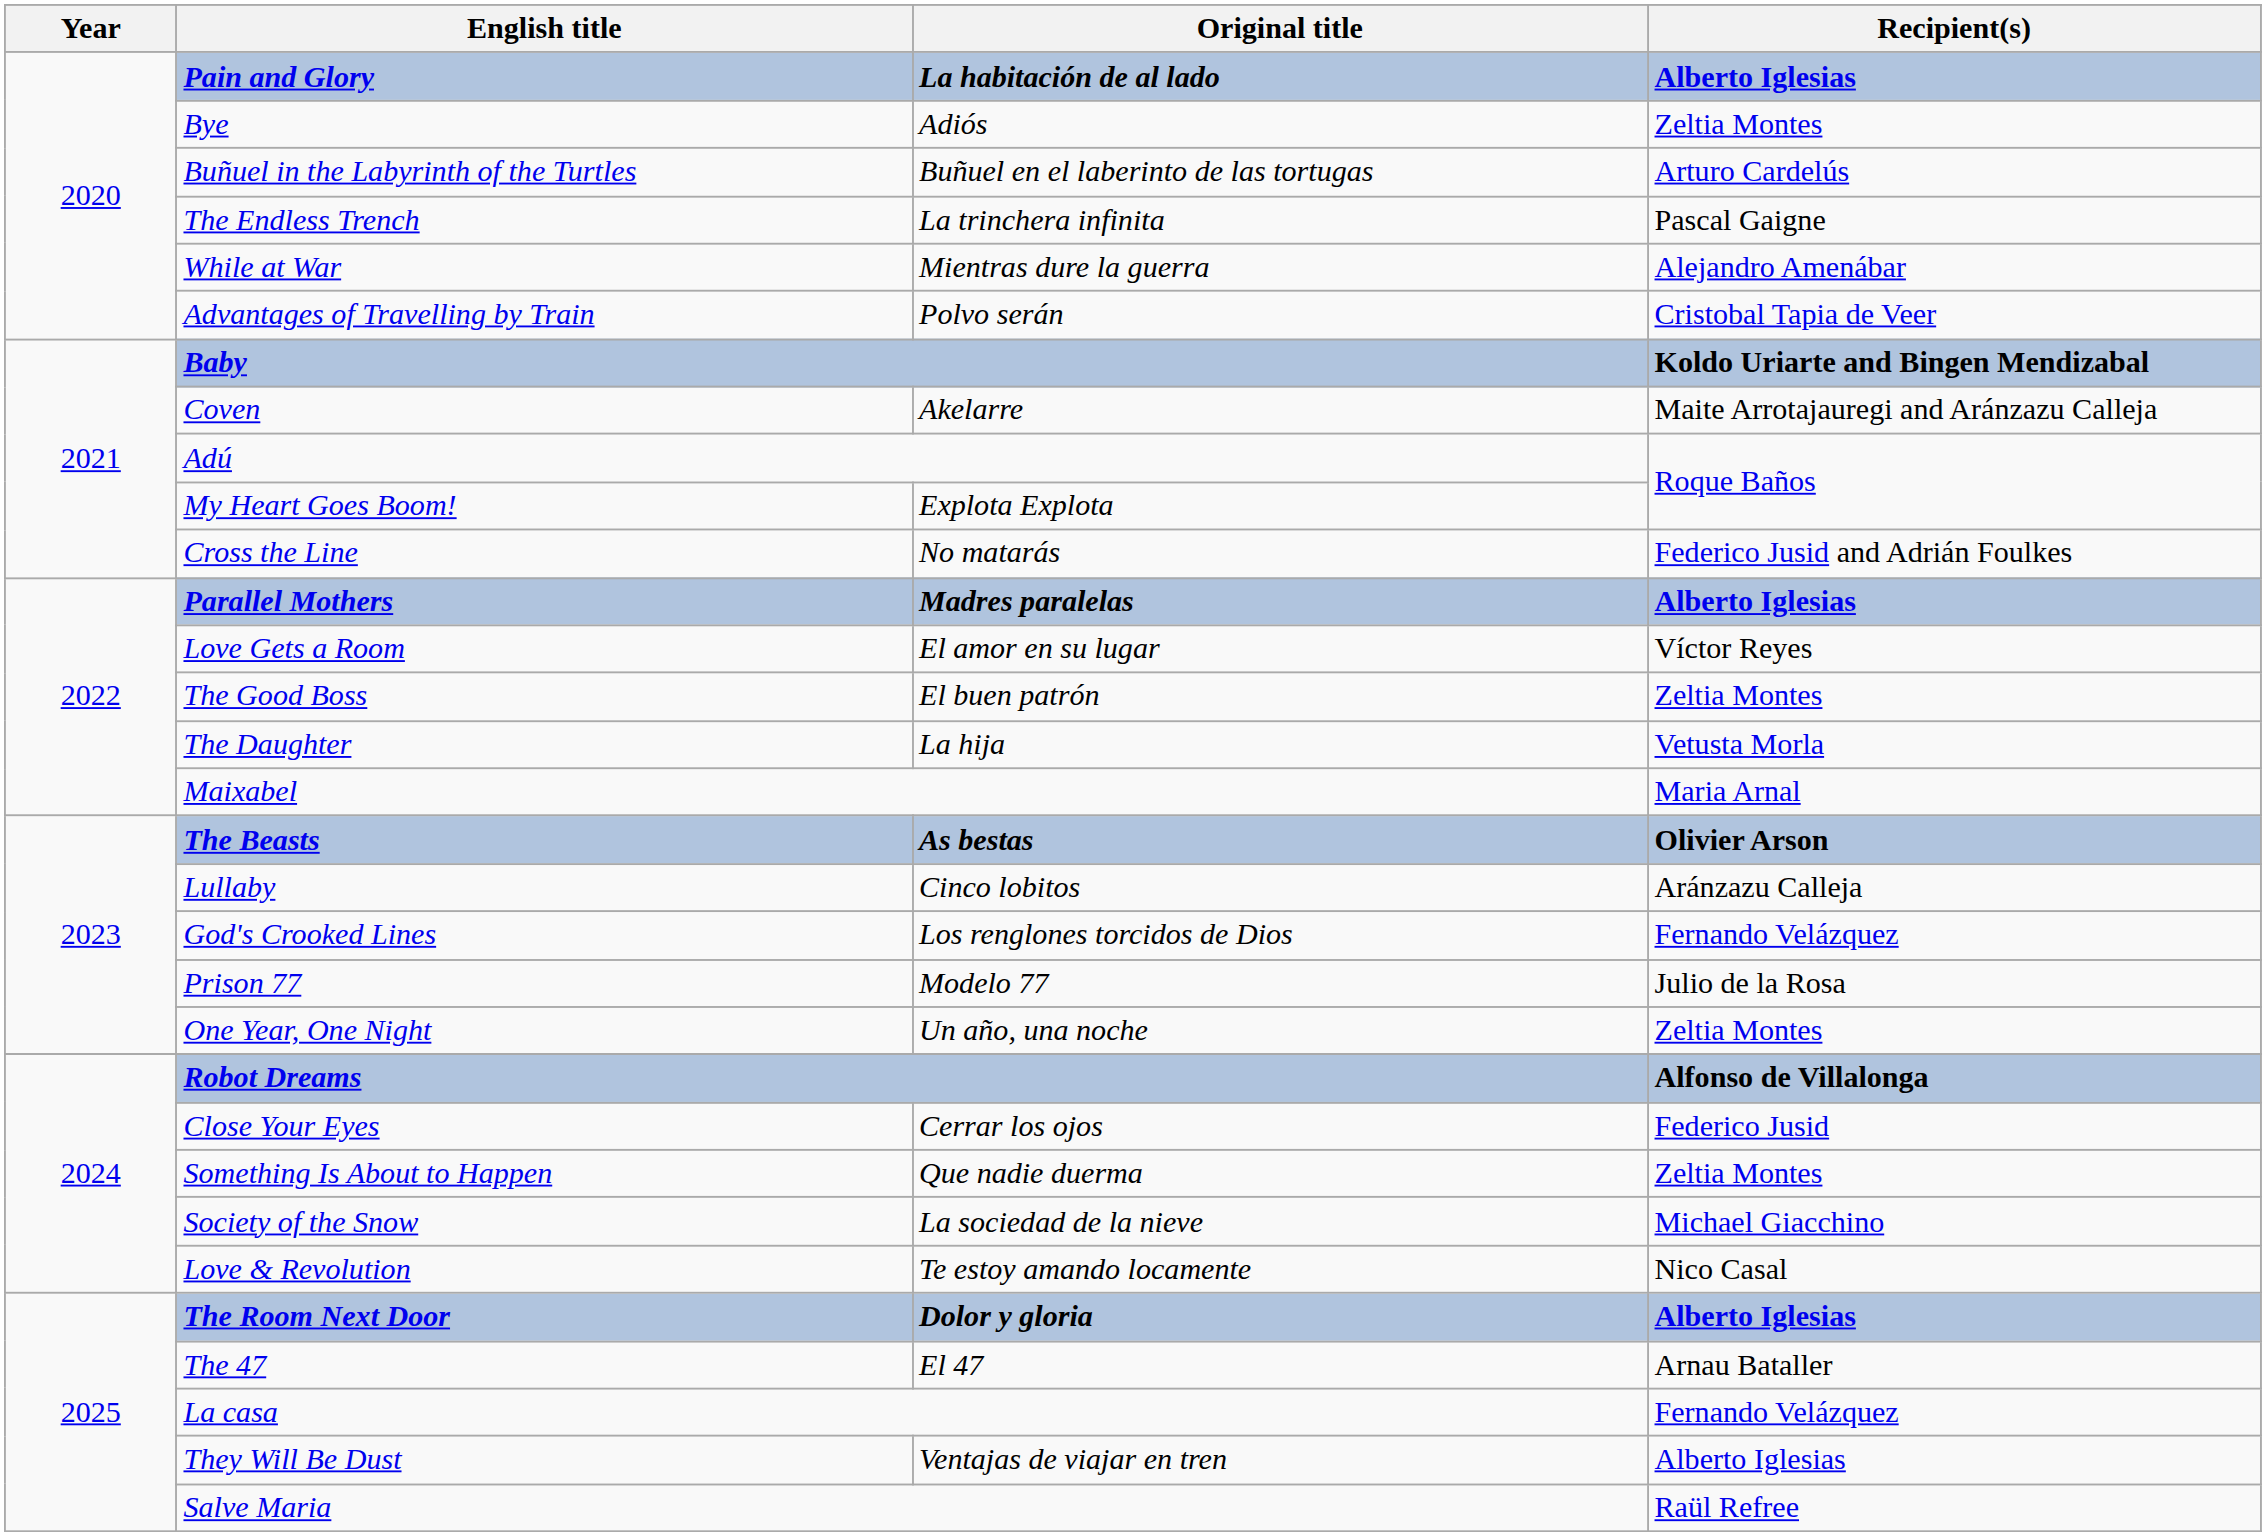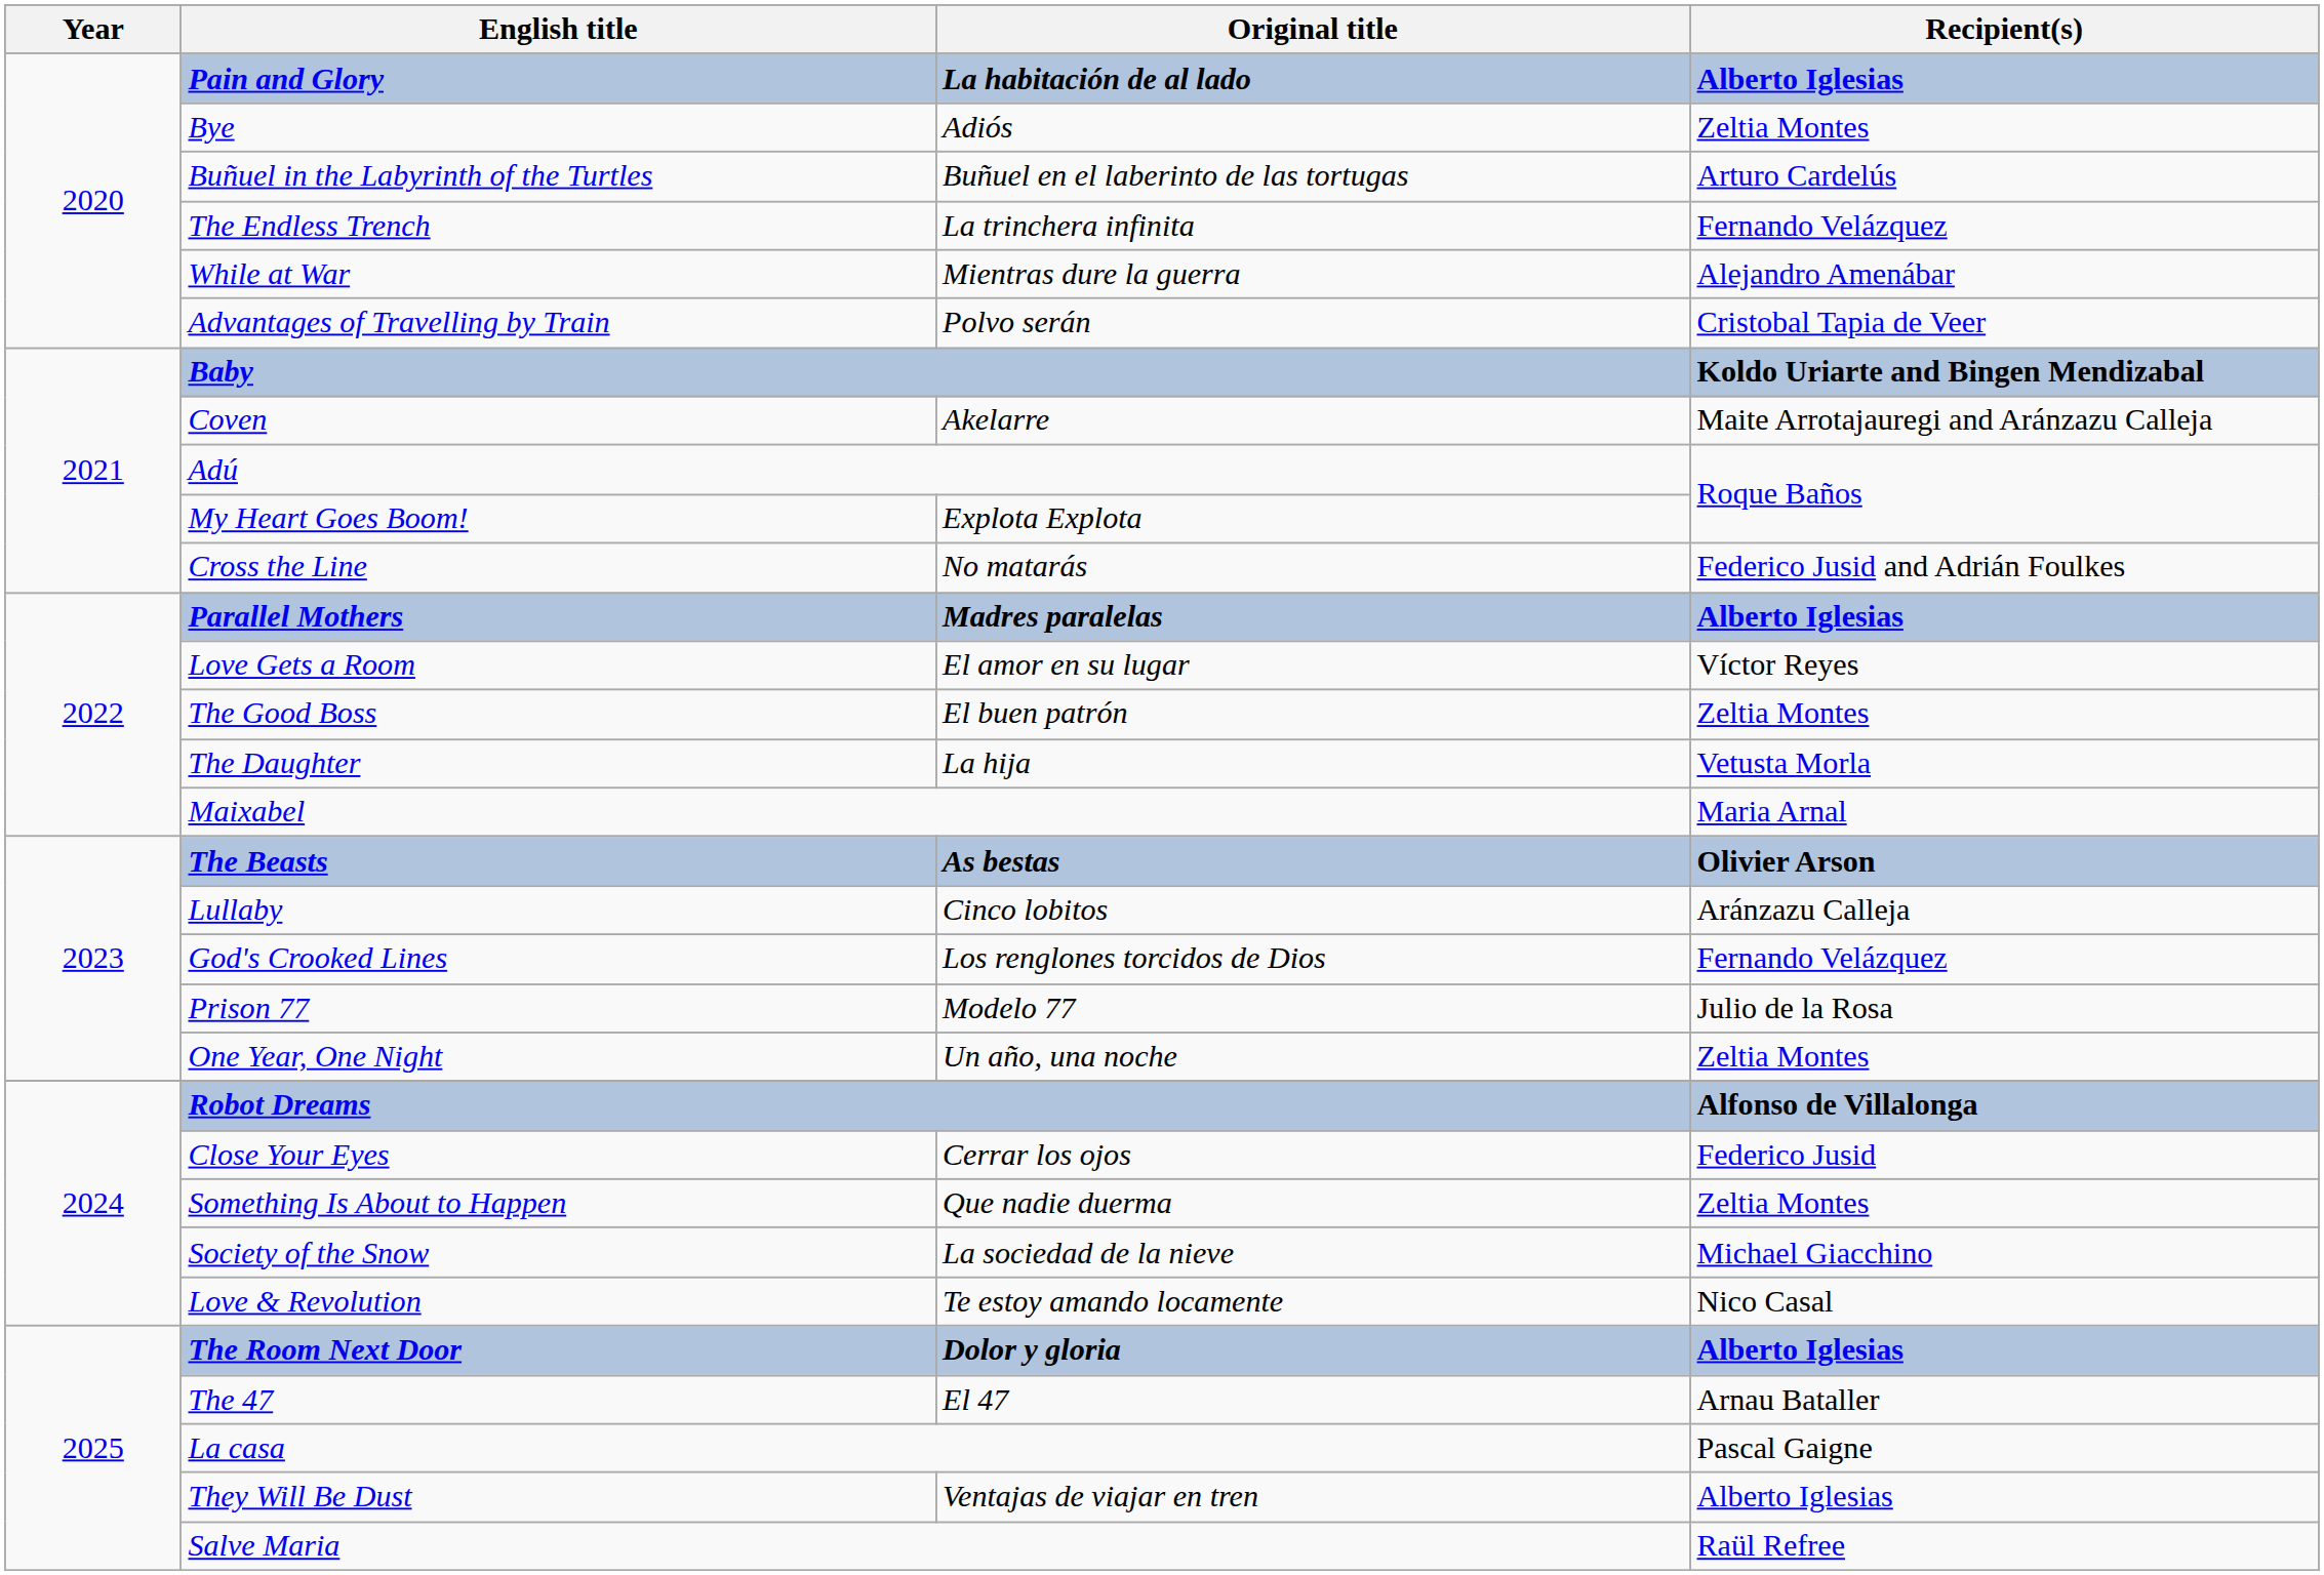 <table class="wikitable" width="95%" cellpadding="5">
 <tr>
 <th width="7%">Year</th>
 <th width="30%">English title</th>
 <th width="30%">Original title</th>
 <th width="25%">Recipient(s)</th>
 </tr>
 <tr>
 <td rowspan=6 style="text-align:center"><a href='#'>2020</a><br></td>
 <td style="background:#B0C4DE;"><strong><em><a href='#'>Pain and Glory</a></em></strong></td>
 <td style="background:#B0C4DE;"><strong><em>La habitación de al lado</em></strong></td>
 <td style="background:#B0C4DE;"><strong><a href='#'>Alberto Iglesias</a></strong></td>
 </tr>
 <tr>
 <td><em><a href='#'>Bye</a></em></td>
 <td><em>Adiós</em></td>
 <td><a href='#'>Zeltia Montes</a></td>
 </tr>
 <tr>
 <td><em><a href='#'>Buñuel in the Labyrinth of the Turtles</a></em></td>
 <td><em>Buñuel en el laberinto de las tortugas</em></td>
 <td><a href='#'>Arturo Cardelús</a></td>
 </tr>
 <tr>
 <td><em><a href='#'>The Endless Trench</a></em></td>
 <td><em>La trinchera infinita</em></td>
-<td>Pascal Gaigne</td>
+<td><a href='#'>Fernando Velázquez</a></td>
 </tr>
 <tr>
 <td><em><a href='#'>While at War</a></em></td>
 <td><em>Mientras dure la guerra</em></td>
 <td><a href='#'>Alejandro Amenábar</a></td>
 </tr>
 <tr>
 <td><em><a href='#'>Advantages of Travelling by Train</a></em></td>
 <td><em>Polvo serán</em></td>
 <td><a href='#'>Cristobal Tapia de Veer</a></td>
 </tr>
 <tr>
 <td rowspan=5 style="text-align:center"><a href='#'>2021</a><br></td>
 <td colspan="2" style="background:#B0C4DE;"><strong><em><a href='#'>Baby</a></em></strong></td>
 <td style="background:#B0C4DE;"><strong>Koldo Uriarte and Bingen Mendizabal</strong></td>
 </tr>
 <tr>
 <td><em><a href='#'>Coven</a></em></td>
 <td><em>Akelarre</em></td>
 <td>Maite Arrotajauregi and Aránzazu Calleja</td>
 </tr>
 <tr>
 <td colspan="2"><em><a href='#'>Adú</a></em></td>
 <td rowspan="2"><a href='#'>Roque Baños</a></td>
 </tr>
 <tr>
 <td><em><a href='#'>My Heart Goes Boom!</a></em></td>
 <td><em>Explota Explota</em></td>
 </tr>
 <tr>
 <td><em><a href='#'>Cross the Line</a></em></td>
 <td><em>No matarás</em></td>
 <td><a href='#'>Federico Jusid</a> and Adrián Foulkes</td>
 </tr>
 <tr>
 <td rowspan=5 style="text-align:center"><a href='#'>2022</a><br></td>
 <td style="background:#B0C4DE;"><strong><em><a href='#'>Parallel Mothers</a></em></strong></td>
 <td style="background:#B0C4DE;"><strong><em>Madres paralelas</em></strong></td>
 <td style="background:#B0C4DE;"><strong><a href='#'>Alberto Iglesias</a></strong></td>
 </tr>
 <tr>
 <td><em><a href='#'>Love Gets a Room</a></em></td>
 <td><em>El amor en su lugar</em></td>
 <td>Víctor Reyes</td>
 </tr>
 <tr>
 <td><em><a href='#'>The Good Boss</a></em></td>
 <td><em>El buen patrón</em></td>
 <td><a href='#'>Zeltia Montes</a></td>
 </tr>
 <tr>
 <td><em><a href='#'>The Daughter</a></em></td>
 <td><em>La hija</em></td>
 <td><a href='#'>Vetusta Morla</a></td>
 </tr>
 <tr>
 <td colspan="2"><em><a href='#'>Maixabel</a></em></td>
 <td><a href='#'>Maria Arnal</a></td>
 </tr>
 <tr>
 <td rowspan=5 style="text-align:center"><a href='#'>2023</a><br></td>
 <td style="background:#B0C4DE;"><strong><em><a href='#'>The Beasts</a></em></strong></td>
 <td style="background:#B0C4DE;"><strong><em>As bestas</em></strong></td>
 <td style="background:#B0C4DE;"><strong>Olivier Arson</strong></td>
 </tr>
 <tr>
 <td><em><a href='#'>Lullaby</a></em></td>
 <td><em>Cinco lobitos</em></td>
 <td>Aránzazu Calleja</td>
 </tr>
 <tr>
 <td><em><a href='#'>God's Crooked Lines</a></em></td>
 <td><em>Los renglones torcidos de Dios</em></td>
 <td><a href='#'>Fernando Velázquez</a></td>
 </tr>
 <tr>
 <td><em><a href='#'>Prison 77</a></em></td>
 <td><em>Modelo 77</em></td>
 <td>Julio de la Rosa</td>
 </tr>
 <tr>
 <td><em><a href='#'>One Year, One Night</a></em></td>
 <td><em>Un año, una noche</em></td>
 <td><a href='#'>Zeltia Montes</a></td>
 </tr>
 <tr>
 </tr>
 <tr>
 <td rowspan=5 style="text-align:center"><a href='#'>2024</a><br></td>
 <td colspan="2" style="background:#B0C4DE;"><strong><em><a href='#'>Robot Dreams</a></em></strong></td>
 <td style="background:#B0C4DE;"><strong>Alfonso de Villalonga</strong></td>
 </tr>
 <tr>
 <td><em><a href='#'>Close Your Eyes</a></em></td>
 <td><em>Cerrar los ojos</em></td>
 <td><a href='#'>Federico Jusid</a></td>
 </tr>
 <tr>
 <td><em><a href='#'>Something Is About to Happen</a></em></td>
 <td><em>Que nadie duerma</em></td>
 <td><a href='#'>Zeltia Montes</a></td>
 </tr>
 <tr>
 <td><em><a href='#'>Society of the Snow</a></em></td>
 <td><em>La sociedad de la nieve</em></td>
 <td><a href='#'>Michael Giacchino</a></td>
 </tr>
 <tr>
 <td><em><a href='#'>Love & Revolution</a></em></td>
 <td><em>Te estoy amando locamente</em></td>
 <td>Nico Casal</td>
 </tr>
 <tr>
 <td rowspan=5 style="text-align:center"><a href='#'>2025</a><br></td>
 <td style="background:#B0C4DE;"><strong><em><a href='#'>The Room Next Door</a></em></strong></td>
 <td style="background:#B0C4DE;"><strong><em>Dolor y gloria</em></strong></td>
 <td style="background:#B0C4DE;"><strong><a href='#'>Alberto Iglesias</a></strong></td>
 </tr>
 <tr>
 <td><em><a href='#'>The 47</a></em></td>
 <td><em>El 47</em></td>
 <td>Arnau Bataller</td>
 </tr>
 <tr>
 <td colspan = "2"><em><a href='#'>La casa</a></em></td>
-<td><a href='#'>Fernando Velázquez</a></td>
+<td>Pascal Gaigne</td>
 </tr>
 <tr>
 <td><em><a href='#'>They Will Be Dust</a></em></td>
 <td><em>Ventajas de viajar en tren</em></td>
 <td><a href='#'>Alberto Iglesias</a></td>
 </tr>
 <tr>
 <td colspan = "2"><em><a href='#'>Salve Maria</a></em></td>
 <td><a href='#'>Raül Refree</a></td>
 </tr>
 <tr>
 </tr>
 </table>
